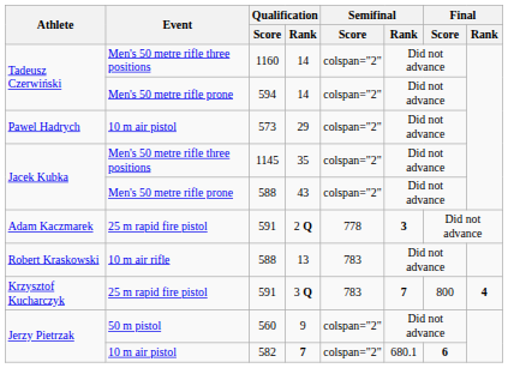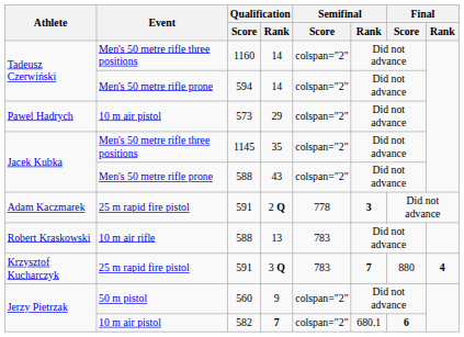 <table class="wikitable" style="font-size:90%">
 <tr>
 <th rowspan="2">Athlete</th>
 <th rowspan="2">Event</th>
 <th colspan="2">Qualification</th>
 <th colspan="2">Semifinal</th>
 <th colspan="2">Final</th>
 </tr>
 <tr>
 <th>Score</th>
 <th>Rank</th>
 <th>Score</th>
 <th>Rank</th>
 <th>Score</th>
 <th>Rank</th>
 </tr>
 <tr>
 <td rowspan=2><a href='#'>Tadeusz Czerwiński</a></td>
 <td><a href='#'>Men's 50 metre rifle three positions</a></td>
 <td align="center">1160</td>
 <td align="center">14</td>
 <td>colspan="2"  </td>
 <td colspan="2"  align="center">Did not advance</td>
 </tr>
 <tr>
 <td><a href='#'>Men's 50 metre rifle prone</a></td>
 <td align="center">594</td>
 <td align="center">14</td>
 <td>colspan="2" </td>
 <td colspan="2"  align="center">Did not advance</td>
 </tr>
 <tr>
 <td rowspan=1><a href='#'>Pawel Hadrych</a></td>
 <td><a href='#'>10 m air pistol</a></td>
 <td align="center">573</td>
 <td align="center">29</td>
 <td>colspan="2"  </td>
 <td colspan="2"  align="center">Did not advance</td>
 </tr>
 <tr>
 <td rowspan=2><a href='#'>Jacek Kubka</a></td>
 <td><a href='#'>Men's 50 metre rifle three positions</a></td>
 <td align="center">1145</td>
 <td align="center">35</td>
 <td>colspan="2" </td>
 <td colspan="2"  align="center">Did not advance</td>
 </tr>
 <tr>
 <td><a href='#'>Men's 50 metre rifle prone</a></td>
 <td align="center">588</td>
 <td align="center">43</td>
 <td>colspan="2"  </td>
 <td colspan="2"  align="center">Did not advance</td>
 </tr>
 <tr>
 <td><a href='#'>Adam Kaczmarek</a></td>
 <td><a href='#'>25 m rapid fire pistol</a></td>
 <td align="center">591</td>
 <td align="center">2 <strong>Q</strong></td>
 <td align="center">778</td>
 <td align="center"><strong>3</strong></td>
 <td colspan="2"  align="center">Did not advance</td>
 </tr>
 <tr>
 <td><a href='#'>Robert Kraskowski</a></td>
 <td><a href='#'>10 m air rifle</a></td>
 <td align="center">588</td>
 <td align="center">13</td>
 <td align="center">783</td>
 <td colspan="2"  align="center">Did not advance</td>
 </tr>
 <tr>
 <td><a href='#'>Krzysztof Kucharczyk</a></td>
 <td><a href='#'>25 m rapid fire pistol</a></td>
 <td align="center">591</td>
 <td align="center">3 <strong>Q</strong></td>
 <td align="center">783</td>
 <td align="center"><strong>7</strong></td>
-<td align="center">800</td>
+<td align="center">880</td>
 <td align="center"><strong>4</strong></td>
 </tr>
 <tr>
 <td rowspan=2><a href='#'>Jerzy Pietrzak</a></td>
 <td><a href='#'>50 m pistol</a></td>
 <td align="center">560</td>
 <td align="center">9</td>
 <td>colspan="2"  </td>
 <td colspan="2"  align="center">Did not advance</td>
 </tr>
 <tr>
 <td><a href='#'>10 m air pistol</a></td>
 <td align="center">582</td>
 <td align="center"><strong>7</strong></td>
 <td>colspan="2" </td>
 <td align="center">680.1</td>
 <td align="center"><strong>6</strong></td>
 </tr>
 </table>
